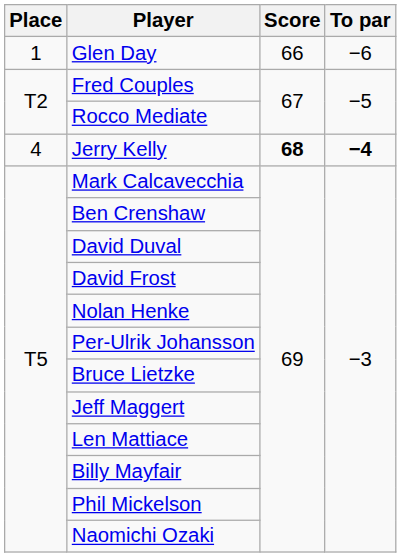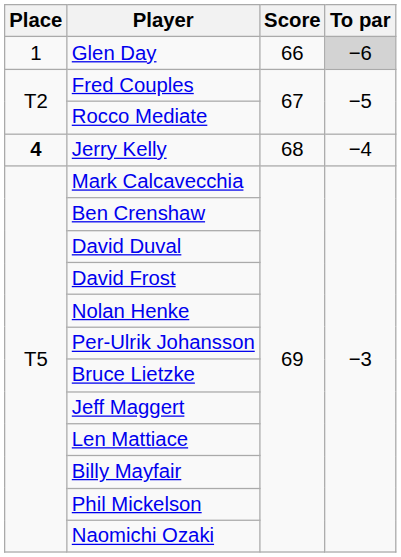 <table class="wikitable">
 <tr>
 <th>Place</th>
 <th>Player</th>
 <th>Score</th>
 <th>To par</th>
 </tr>
 <tr>
 <td align=center>1</td>
 <td> <a href='#'>Glen Day</a></td>
 <td align=center>66</td>
-<td align=center>−6</td>
+<td align=center style="background: lightgrey;">−6</td>
 </tr>
 <tr>
 <td rowspan=2 align=center>T2</td>
 <td> <a href='#'>Fred Couples</a></td>
 <td rowspan=2 align=center>67</td>
 <td rowspan=2 align=center>−5</td>
 </tr>
 <tr>
 <td> <a href='#'>Rocco Mediate</a></td>
 </tr>
 <tr>
-<td align=center>4</td>
+<td align=center><strong>4</strong></td>
 <td> <a href='#'>Jerry Kelly</a></td>
-<td align=center><strong>68</strong></td>
-<td align=center><strong>−4</strong></td>
+<td align=center>68</td>
+<td align=center>−4</td>
 </tr>
 <tr>
 <td rowspan=12 align=center>T5</td>
 <td> <a href='#'>Mark Calcavecchia</a></td>
 <td rowspan=12 align=center>69</td>
 <td rowspan=12 align=center>−3</td>
 </tr>
 <tr>
 <td> <a href='#'>Ben Crenshaw</a></td>
 </tr>
 <tr>
 <td> <a href='#'>David Duval</a></td>
 </tr>
 <tr>
 <td> <a href='#'>David Frost</a></td>
 </tr>
 <tr>
 <td> <a href='#'>Nolan Henke</a></td>
 </tr>
 <tr>
 <td> <a href='#'>Per-Ulrik Johansson</a></td>
 </tr>
 <tr>
 <td> <a href='#'>Bruce Lietzke</a></td>
 </tr>
 <tr>
 <td> <a href='#'>Jeff Maggert</a></td>
 </tr>
 <tr>
 <td> <a href='#'>Len Mattiace</a></td>
 </tr>
 <tr>
 <td> <a href='#'>Billy Mayfair</a></td>
 </tr>
 <tr>
 <td> <a href='#'>Phil Mickelson</a></td>
 </tr>
 <tr>
 <td> <a href='#'>Naomichi Ozaki</a></td>
 </tr>
 </table>
